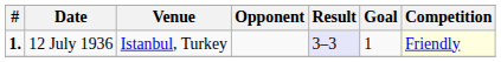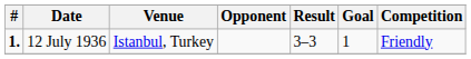 <table class="wikitable">
 <tr>
 </tr>
 <tr>
 <th>#</th>
 <th>Date</th>
 <th>Venue</th>
 <th>Opponent</th>
 <th>Result</th>
 <th>Goal</th>
 <th>Competition</th>
 </tr>
 <tr>
 <td><strong>1.</strong></td>
 <td>12 July 1936</td>
 <td><a href='#'>Istanbul</a>, Turkey</td>
 <td></td>
-<td style="background: lavender;">3–3</td>
+<td>3–3</td>
 <td>1</td>
-<td style="background: lightyellow;"><a href='#'>Friendly</a></td>
+<td><a href='#'>Friendly</a></td>
 </tr>
 <tr>
 </tr>
 </table>
